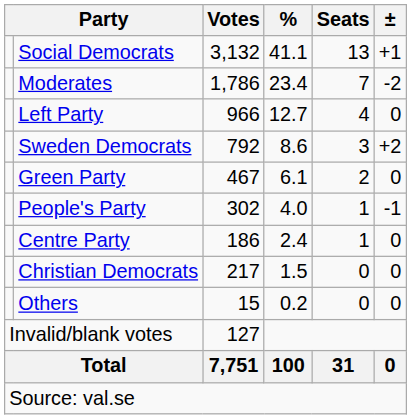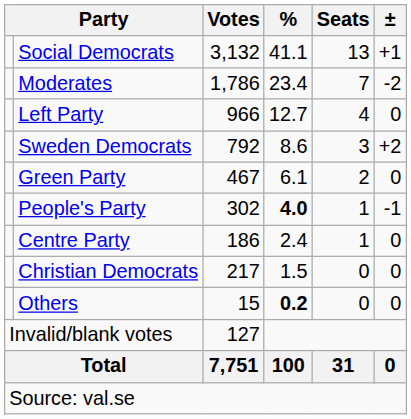 <table class=wikitable style=text-align:right>
 <tr>
 <th colspan=2>Party</th>
 <th>Votes</th>
 <th>%</th>
 <th>Seats</th>
 <th>±</th>
 </tr>
 <tr>
 <td bgcolor=></td>
 <td align=left><a href='#'>Social Democrats</a></td>
 <td>3,132</td>
 <td>41.1</td>
 <td>13</td>
 <td>+1</td>
 </tr>
 <tr>
 <td bgcolor=></td>
 <td align=left><a href='#'>Moderates</a></td>
 <td>1,786</td>
 <td>23.4</td>
 <td>7</td>
 <td>-2</td>
 </tr>
 <tr>
 <td bgcolor=></td>
 <td align=left><a href='#'>Left Party</a></td>
 <td>966</td>
 <td>12.7</td>
 <td>4</td>
 <td>0</td>
 </tr>
 <tr>
 <td bgcolor=></td>
 <td align=left><a href='#'>Sweden Democrats</a></td>
 <td>792</td>
 <td>8.6</td>
 <td>3</td>
 <td>+2</td>
 </tr>
 <tr>
 <td bgcolor=></td>
 <td align=left><a href='#'>Green Party</a></td>
 <td>467</td>
 <td>6.1</td>
 <td>2</td>
 <td>0</td>
 </tr>
 <tr>
 <td bgcolor=></td>
 <td align=left><a href='#'>People's Party</a></td>
 <td>302</td>
-<td>4.0</td>
+<td><strong>4.0</strong></td>
 <td>1</td>
 <td>-1</td>
 </tr>
 <tr>
 <td bgcolor=></td>
 <td align=left><a href='#'>Centre Party</a></td>
 <td>186</td>
 <td>2.4</td>
 <td>1</td>
 <td>0</td>
 </tr>
 <tr>
 <td bgcolor=></td>
 <td align=left><a href='#'>Christian Democrats</a></td>
 <td>217</td>
 <td>1.5</td>
 <td>0</td>
 <td>0</td>
 </tr>
 <tr>
 <td></td>
 <td align=left><a href='#'>Others</a></td>
 <td>15</td>
-<td>0.2</td>
+<td><strong>0.2</strong></td>
 <td>0</td>
 <td>0</td>
 </tr>
 <tr>
 <td align=left colspan=2>Invalid/blank votes</td>
 <td>127</td>
 <td colspan=3></td>
 </tr>
 <tr>
 <th align=left colspan=2>Total</th>
 <th>7,751</th>
 <th>100</th>
 <th>31</th>
 <th>0</th>
 </tr>
 <tr>
 <td align=left colspan=6>Source: val.se </td>
 </tr>
 </table>
